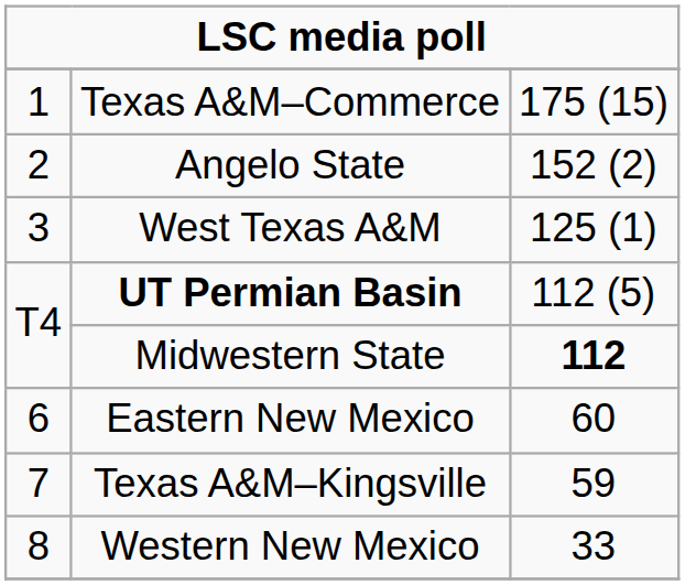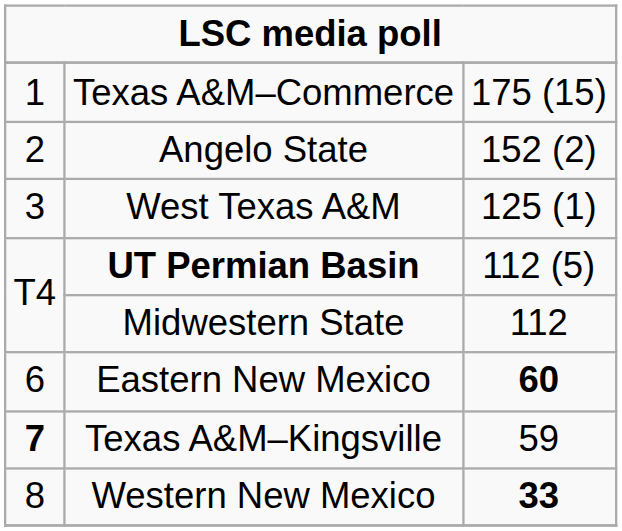 <table class="wikitable" style="display: inline-table;">
 <tr>
 <td align="center" Colspan="3"><strong>LSC media poll</strong></td>
 </tr>
 <tr align="center">
 </tr>
 <tr align="center">
 <td>1</td>
 <td>Texas A&M–Commerce</td>
 <td>175 (15)</td>
 </tr>
 <tr align="center">
 <td>2</td>
 <td>Angelo State</td>
 <td>152 (2)</td>
 </tr>
 <tr align="center">
 <td>3</td>
 <td>West Texas A&M</td>
 <td>125 (1)</td>
 </tr>
 <tr align="center">
 <td rowspan=2>T4</td>
 <td><strong>UT Permian Basin</strong></td>
 <td>112 (5)</td>
 </tr>
 <tr align="center">
 <td>Midwestern State</td>
-<td><strong>112</strong></td>
+<td>112</td>
 </tr>
 <tr align="center">
 <td>6</td>
 <td>Eastern New Mexico</td>
-<td>60</td>
+<td><strong>60</strong></td>
 </tr>
 <tr align="center">
-<td>7</td>
+<td><strong>7</strong></td>
 <td>Texas A&M–Kingsville</td>
 <td>59</td>
 </tr>
 <tr align="center">
 <td>8</td>
 <td>Western New Mexico</td>
-<td>33</td>
+<td><strong>33</strong></td>
 </tr>
 <tr>
 </tr>
 </table>
